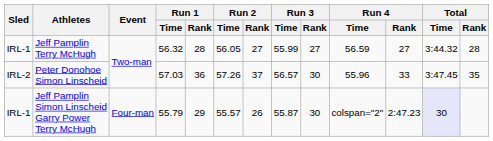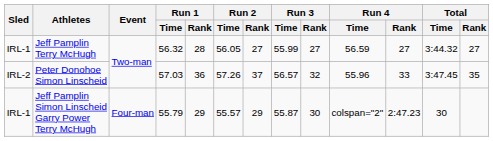 <table class="wikitable" border="1" style="font-size:90%">
 <tr>
 <th rowspan="2">Sled</th>
 <th rowspan="2">Athletes</th>
 <th rowspan="2">Event</th>
 <th colspan="2">Run 1</th>
 <th colspan="2">Run 2</th>
 <th colspan="2">Run 3</th>
 <th colspan="2">Run 4</th>
 <th colspan="2">Total</th>
 </tr>
 <tr>
 <th>Time</th>
 <th>Rank</th>
 <th>Time</th>
 <th>Rank</th>
 <th>Time</th>
 <th>Rank</th>
 <th>Time</th>
 <th>Rank</th>
 <th>Time</th>
 <th>Rank</th>
 </tr>
 <tr>
 <td align="center">IRL-1</td>
 <td><a href='#'>Jeff Pamplin</a><br><a href='#'>Terry McHugh</a></td>
 <td rowspan="2"><a href='#'>Two-man</a></td>
 <td align="center">56.32</td>
 <td align="center">28</td>
 <td align="center">56.05</td>
 <td align="center">27</td>
 <td align="center">55.99</td>
 <td align="center">27</td>
 <td align="center">56.59</td>
 <td align="center">27</td>
 <td align="center">3:44.32</td>
-<td align="center">28</td>
+<td align="center">27</td>
 </tr>
 <tr>
 <td align="center">IRL-2</td>
 <td><a href='#'>Peter Donohoe</a><br><a href='#'>Simon Linscheid</a></td>
 <td align="center">57.03</td>
 <td align="center">36</td>
 <td align="center">57.26</td>
 <td align="center">37</td>
 <td align="center">56.57</td>
-<td align="center">30</td>
+<td align="center">32</td>
 <td align="center">55.96</td>
 <td align="center">33</td>
 <td align="center">3:47.45</td>
 <td align="center">35</td>
 </tr>
 <tr>
 <td align="center">IRL-1</td>
 <td><a href='#'>Jeff Pamplin</a><br><a href='#'>Simon Linscheid</a><br><a href='#'>Garry Power</a><br><a href='#'>Terry McHugh</a></td>
 <td><a href='#'>Four-man</a></td>
 <td align="center">55.79</td>
 <td align="center">29</td>
 <td align="center">55.57</td>
-<td align="center">26</td>
+<td align="center">29</td>
 <td align="center">55.87</td>
 <td align="center">30</td>
 <td>colspan="2" </td>
 <td align="center">2:47.23</td>
-<td align="center" style="background: lavender;">30</td>
+<td align="center">30</td>
 </tr>
 </table>
